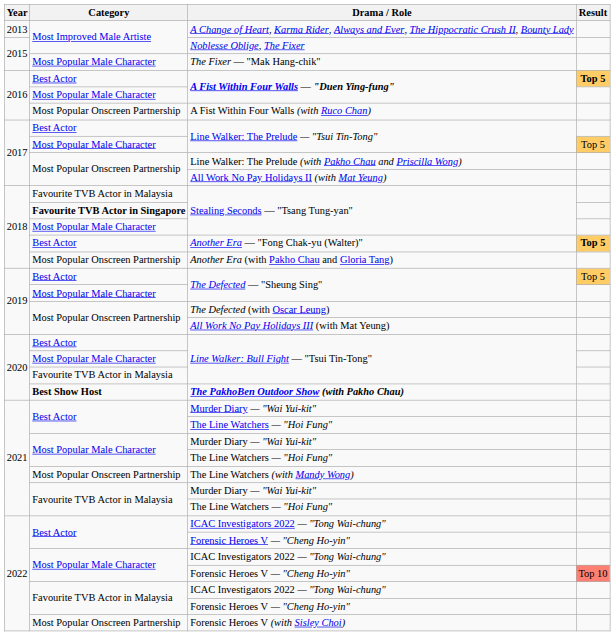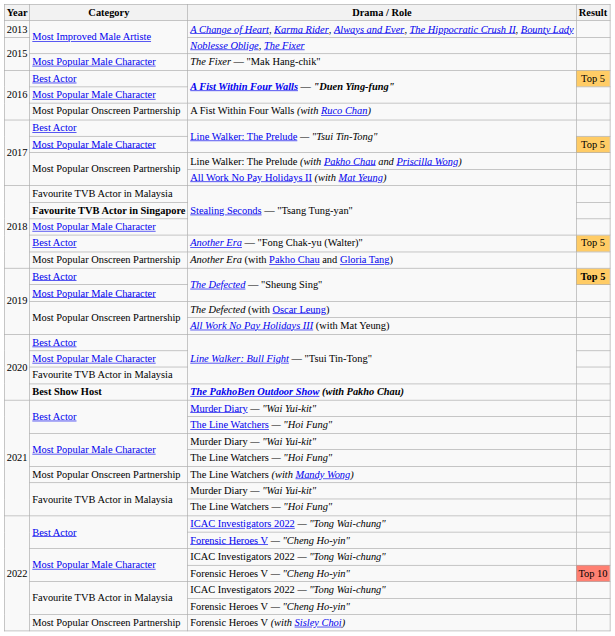 <table class="wikitable sortable">
 <tr>
 <th>Year</th>
 <th>Category</th>
 <th>Drama / Role</th>
 <th>Result</th>
 </tr>
 <tr>
 <td>2013</td>
 <td rowspan=2><a href='#'>Most Improved Male Artiste</a></td>
 <td><em><a href='#'>A Change of Heart</a></em>, <em><a href='#'>Karma Rider</a></em>, <em><a href='#'>Always and Ever</a></em>, <em><a href='#'>The Hippocratic Crush II</a></em>, <em><a href='#'>Bounty Lady</a></em></td>
 <td></td>
 </tr>
 <tr>
 <td rowspan=2>2015</td>
 <td><em><a href='#'>Noblesse Oblige</a></em>, <em><a href='#'>The Fixer</a></em></td>
 <td></td>
 </tr>
 <tr>
 <td><a href='#'>Most Popular Male Character</a></td>
 <td><em>The Fixer</em> — "Mak Hang-chik"</td>
 <td></td>
 </tr>
 <tr>
 <td rowspan=3>2016</td>
 <td><a href='#'>Best Actor</a></td>
 <td rowspan=2><strong><em><a href='#'>A Fist Within Four Walls</a><em> — "Duen Ying-fung"<strong></td>
-<td style="background-color:#ffcc66; text-align:center;"><strong>Top 5</strong></td>
+<td style="background-color:#ffcc66; text-align:center;">Top 5</td>
 </tr>
 <tr>
 <td></strong> <a href='#'>Most Popular Male Character</a> <strong></td>
 <td></td>
 </tr>
 <tr>
 <td>Most Popular Onscreen Partnership</td>
 <td></em>A Fist Within Four Walls<em> (with <a href='#'>Ruco Chan</a>)</td>
 <td></td>
 </tr>
 <tr>
 <td rowspan=4>2017</td>
 <td><a href='#'>Best Actor</a></td>
 <td rowspan=2></em><a href='#'>Line Walker: The Prelude</a><em> — "Tsui Tin-Tong"</td>
 <td></td>
 </tr>
 <tr>
 <td><a href='#'>Most Popular Male Character</a></td>
 <td style="background-color:#ffcc66; text-align:center;">Top 5</td>
 </tr>
 <tr>
 <td rowspan=2>Most Popular Onscreen Partnership</td>
 <td></em>Line Walker: The Prelude<em> (with <a href='#'>Pakho Chau</a> and <a href='#'>Priscilla Wong</a>)</td>
 <td></td>
 </tr>
 <tr>
 <td></em><a href='#'>All Work No Pay Holidays II</a><em> (with <a href='#'>Mat Yeung</a>)</td>
 <td></td>
 </tr>
 <tr>
 <td rowspan=5>2018</td>
 <td></strong> Favourite TVB Actor in Malaysia <strong></td>
 <td rowspan=3></em></strong><a href='#'>Stealing Seconds</a></em> — "Tsang Tung-yan"</strong></td>
 <td></td>
 </tr>
 <tr>
 <td><strong> Favourite TVB Actor in Singapore </strong></td>
 <td></td>
 </tr>
 <tr>
 <td><a href='#'>Most Popular Male Character</a></td>
 <td></td>
 </tr>
 <tr>
 <td><a href='#'>Best Actor</a></td>
 <td><em><a href='#'>Another Era</a></em> — "Fong Chak-yu (Walter)"</td>
-<td style="background-color:#ffcc66; text-align:center;"><strong>Top 5</strong></td>
+<td style="background-color:#ffcc66; text-align:center;">Top 5</td>
 </tr>
 <tr>
 <td>Most Popular Onscreen Partnership</td>
 <td><em>Another Era</em> (with <a href='#'>Pakho Chau</a> and <a href='#'>Gloria Tang</a>)</td>
 <td></td>
 </tr>
 <tr>
 <td rowspan=4>2019</td>
 <td><a href='#'>Best Actor</a></td>
 <td rowspan=2><em><a href='#'>The Defected</a></em> — "Sheung Sing"</td>
-<td style="background-color:#ffcc66; text-align:center;">Top 5</td>
+<td style="background-color:#ffcc66; text-align:center;"><strong>Top 5</strong></td>
 </tr>
 <tr>
 <td><a href='#'>Most Popular Male Character</a></td>
 <td></td>
 </tr>
 <tr>
 <td rowspan=2>Most Popular Onscreen Partnership</td>
 <td><em>The Defected</em> (with <a href='#'>Oscar Leung</a>)</td>
 <td></td>
 </tr>
 <tr>
 <td><em><a href='#'>All Work No Pay Holidays III</a></em> (with Mat Yeung)</td>
 <td></td>
 </tr>
 <tr>
 <td rowspan=4>2020</td>
 <td><a href='#'>Best Actor</a></td>
 <td rowspan=3><em><a href='#'>Line Walker: Bull Fight</a></em> — "Tsui Tin-Tong"</td>
 <td></td>
 </tr>
 <tr>
 <td><a href='#'>Most Popular Male Character</a></td>
 <td></td>
 </tr>
 <tr>
 <td>Favourite TVB Actor in Malaysia</td>
 <td></td>
 </tr>
 <tr>
 <td><strong>Best Show Host</strong></td>
 <td><strong><em><a href='#'>The PakhoBen Outdoor Show</a><em> (with Pakho Chau) <strong></td>
 <td></td>
 </tr>
 <tr>
 <td rowspan=7>2021</td>
 <td rowspan=2><a href='#'>Best Actor</a></td>
 <td></em><a href='#'>Murder Diary</a><em> — "Wai Yui-kit"</td>
 <td></td>
 </tr>
 <tr>
 <td></em><a href='#'>The Line Watchers</a><em> — "Hoi Fung"</td>
 <td></td>
 </tr>
 <tr>
 <td rowspan=2><a href='#'>Most Popular Male Character</a></td>
 <td></em>Murder Diary<em> — "Wai Yui-kit"</td>
 <td></td>
 </tr>
 <tr>
 <td></em>The Line Watchers<em> — "Hoi Fung"</td>
 <td></td>
 </tr>
 <tr>
 <td>Most Popular Onscreen Partnership</td>
 <td></em>The Line Watchers<em> (with <a href='#'>Mandy Wong</a>)</td>
 <td></td>
 </tr>
 <tr>
 <td rowspan=2>Favourite TVB Actor in  Malaysia</td>
 <td></em>Murder Diary<em> — "Wai Yui-kit"</td>
 <td></td>
 </tr>
 <tr>
 <td></em>The Line Watchers<em> — "Hoi Fung"</td>
 <td></td>
 </tr>
 <tr>
 <td rowspan=7>2022</td>
 <td rowspan=2><a href='#'>Best Actor</a></td>
 <td></em><a href='#'>ICAC Investigators 2022</a><em> — "Tong Wai-chung"</td>
 <td></td>
 </tr>
 <tr>
 <td></em><a href='#'>Forensic Heroes V</a><em> — "Cheng Ho-yin"</td>
 <td></td>
 </tr>
 <tr>
 <td rowspan=2><a href='#'>Most Popular Male Character</a></td>
 <td></em>ICAC Investigators 2022<em> — "Tong Wai-chung"</td>
 <td></td>
 </tr>
 <tr>
 <td></em>Forensic Heroes V<em> — "Cheng Ho-yin"</td>
 <td style="background-color:#ff8072; text-align:center;">Top 10</td>
 </tr>
 <tr>
 <td rowspan=2>Favourite TVB Actor in Malaysia</td>
 <td></em>ICAC Investigators 2022<em> — "Tong Wai-chung"</td>
 <td></td>
 </tr>
 <tr>
 <td></em>Forensic Heroes V<em> — "Cheng Ho-yin"</td>
 <td></td>
 </tr>
 <tr>
 <td>Most Popular Onscreen Partnership</td>
 <td></em>Forensic Heroes V<em> (with <a href='#'>Sisley Choi</a>)</td>
 <td></td>
 </tr>
 </table>
